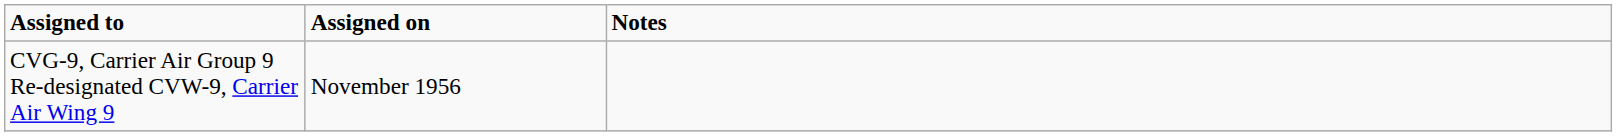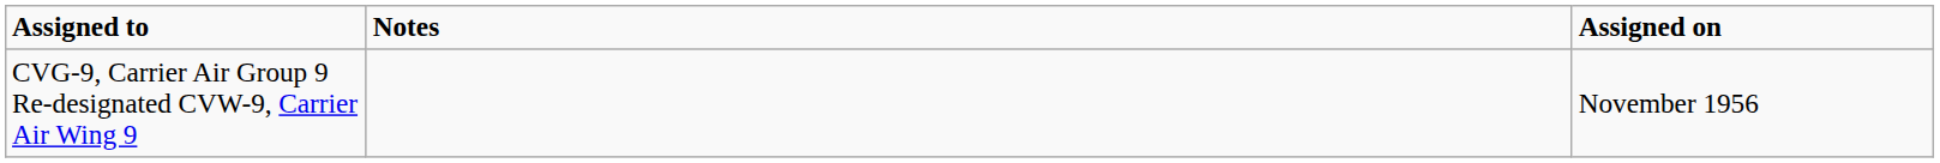 <table class="wikitable" style="width: 70%;">
 <tr>
 <td style="width: 200px;"><strong>Assigned to</strong></td>
+<td><strong>Notes</strong></td>
 <td style="width: 200px;"><strong>Assigned on</strong></td>
-<td><strong>Notes</strong></td>
 </tr>
 <tr>
 <td>CVG-9, Carrier Air Group 9<br>Re-designated CVW-9, <a href='#'>Carrier Air Wing 9</a></td>
+<td></td>
 <td>November 1956</td>
-<td></td>
 </tr>
 </table>
